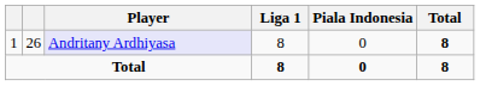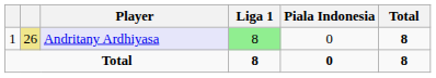 <table class="wikitable sortable" style="font-size: 95%; text-align: center;">
 <tr>
 <th width=10></th>
 <th width=10></th>
 <th width=200>Player</th>
 <th width=50>Liga 1</th>
 <th>Piala Indonesia</th>
 <th width=50>Total</th>
 </tr>
 <tr>
 <td>1</td>
-<td>26</td>
+<td style="background: khaki;">26</td>
 <td align=left style="background: lavender;"> <a href='#'>Andritany Ardhiyasa</a></td>
-<td>8</td>
+<td style="background: lightgreen;">8</td>
 <td>0</td>
 <td><strong>8</strong></td>
 </tr>
 <tr class="sortbottom">
 <td colspan=3><strong>Total</strong></td>
 <td><strong>8</strong></td>
 <td><strong>0</strong></td>
 <td><strong>8</strong></td>
 </tr>
 </table>
